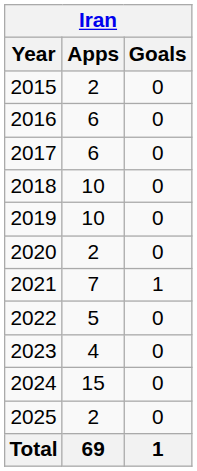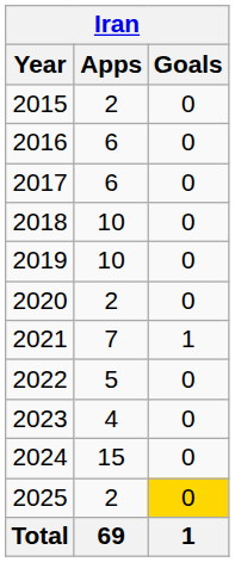 <table class="wikitable" style="text-align:center">
 <tr>
 <th colspan=3><a href='#'>Iran</a></th>
 </tr>
 <tr>
 <th>Year</th>
 <th>Apps</th>
 <th>Goals</th>
 </tr>
 <tr>
 <td>2015</td>
 <td>2</td>
 <td>0</td>
 </tr>
 <tr>
 <td>2016</td>
 <td>6</td>
 <td>0</td>
 </tr>
 <tr>
 <td>2017</td>
 <td>6</td>
 <td>0</td>
 </tr>
 <tr>
 <td>2018</td>
 <td>10</td>
 <td>0</td>
 </tr>
 <tr>
 <td>2019</td>
 <td>10</td>
 <td>0</td>
 </tr>
 <tr>
 <td>2020</td>
 <td>2</td>
 <td>0</td>
 </tr>
 <tr>
 <td>2021</td>
 <td>7</td>
 <td>1</td>
 </tr>
 <tr>
 <td>2022</td>
 <td>5</td>
 <td>0</td>
 </tr>
 <tr>
 <td>2023</td>
 <td>4</td>
 <td>0</td>
 </tr>
 <tr>
 <td>2024</td>
 <td>15</td>
 <td>0</td>
 </tr>
 <tr>
 <td>2025</td>
 <td>2</td>
-<td>0</td>
+<td style="background: gold;">0</td>
 </tr>
 <tr>
 <th>Total</th>
 <th>69</th>
 <th>1</th>
 </tr>
 </table>
